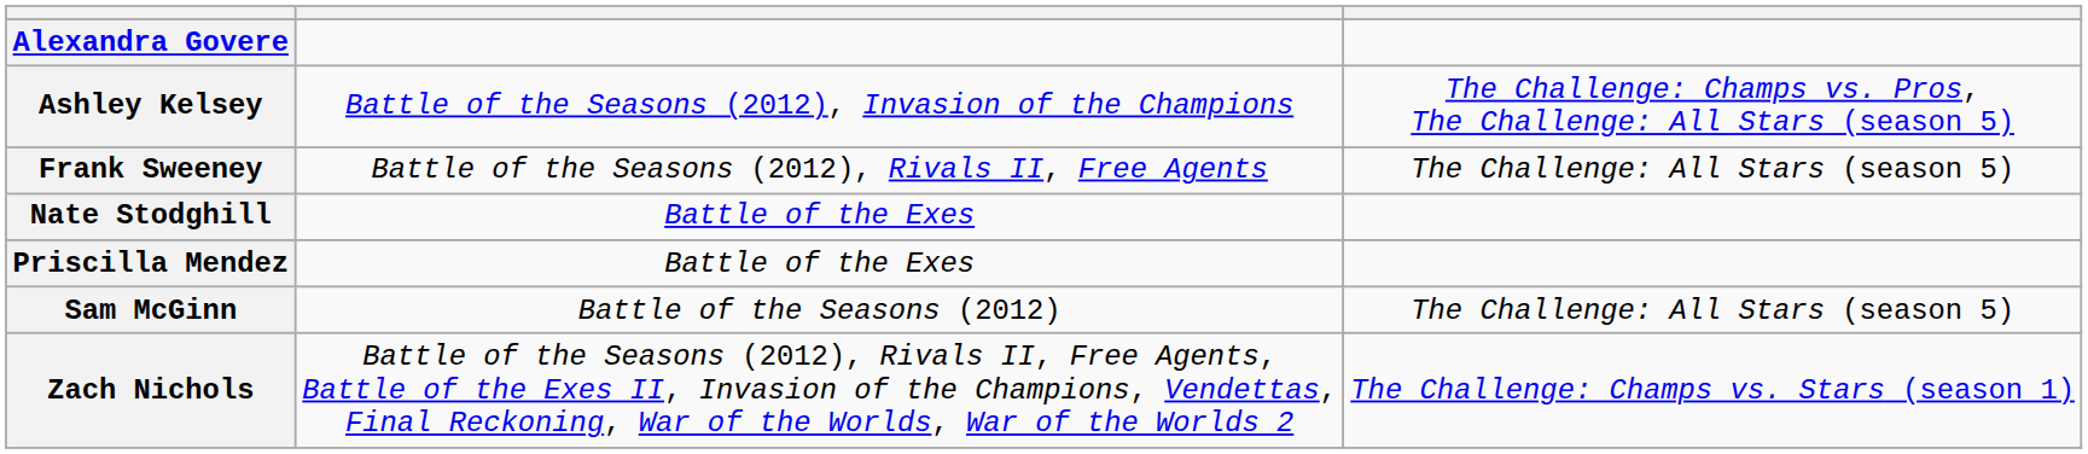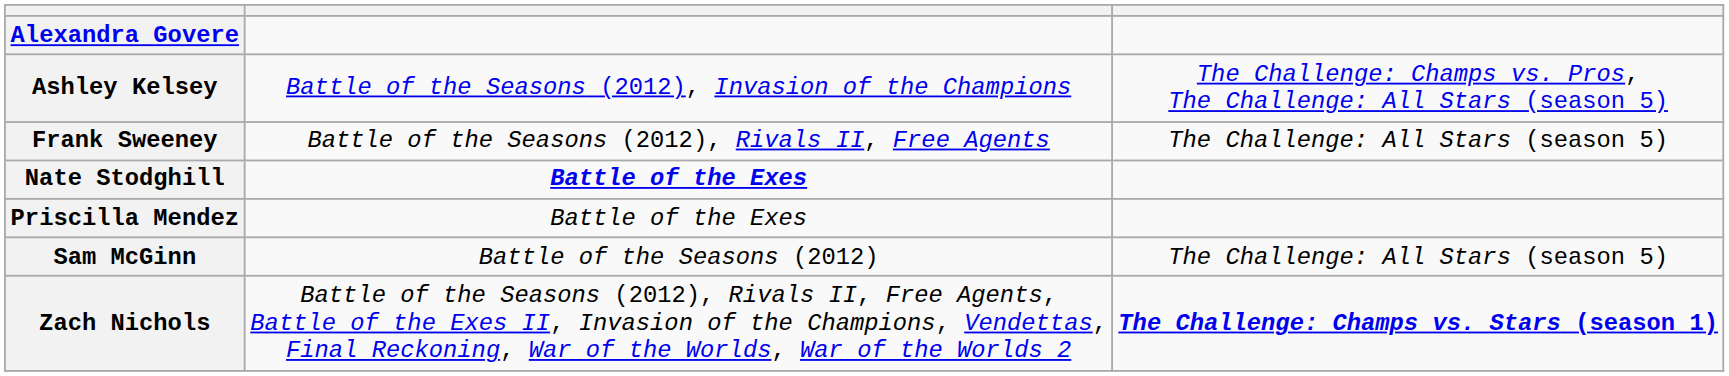 <table class="wikitable sortable" style="text-align:center">
 <tr>
 <th scope="col"></th>
 <th scope="col"></th>
 <th scope="col"></th>
 </tr>
 <tr>
 <th scope="row" nowrap><a href='#'>Alexandra Govere</a></th>
 <td></td>
 <td></td>
 </tr>
 <tr>
 <th scope="row">Ashley Kelsey</th>
 <td><a href='#'><em>Battle of the Seasons</em> (2012)</a>, <em><a href='#'>Invasion of the Champions</a></em></td>
 <td><em><a href='#'>The Challenge: Champs vs. Pros</a></em>,<br><a href='#'><em>The Challenge: All Stars</em> (season 5)</a></td>
 </tr>
 <tr>
 <th scope="row">Frank Sweeney</th>
 <td><em>Battle of the Seasons</em> (2012), <em><a href='#'>Rivals II</a></em>, <em><a href='#'>Free Agents</a></em></td>
 <td><em>The Challenge: All Stars</em> (season 5)</td>
 </tr>
 <tr>
 <th scope="row">Nate Stodghill</th>
-<td><em><a href='#'>Battle of the Exes</a></em></td>
+<td><strong><em><a href='#'>Battle of the Exes</a></em></strong></td>
 <td></td>
 </tr>
 <tr>
 <th scope="row">Priscilla Mendez</th>
 <td><em>Battle of the Exes</em></td>
 <td></td>
 </tr>
 <tr>
 <th scope="row">Sam McGinn</th>
 <td><em>Battle of the Seasons</em> (2012)</td>
 <td><em>The Challenge: All Stars</em> (season 5)</td>
 </tr>
 <tr>
 <th scope="row">Zach Nichols</th>
 <td><em>Battle of the Seasons</em> (2012), <em>Rivals II</em>, <em>Free Agents</em>,<br><em><a href='#'>Battle of the Exes II</a></em>, <em>Invasion of the Champions</em>, <em><a href='#'>Vendettas</a></em>,<br><em><a href='#'>Final Reckoning</a></em>, <em><a href='#'>War of the Worlds</a></em>, <em><a href='#'>War of the Worlds 2</a></em></td>
-<td><a href='#'><em>The Challenge: Champs vs. Stars</em> (season 1)</a></td>
+<td><strong><a href='#'><em>The Challenge: Champs vs. Stars</em> (season 1)</a></strong></td>
 </tr>
 </table>
